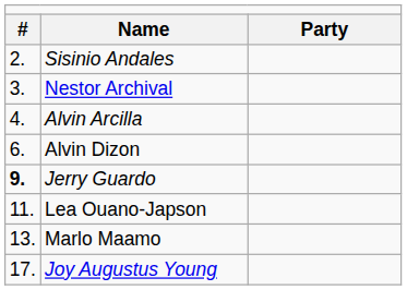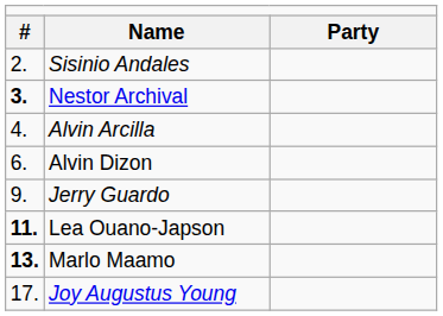 <table class=wikitable style="font-size:90%">
 <tr>
 <td colspan=4 bgcolor=></td>
 </tr>
 <tr>
 <th>#</th>
 <th width=150px>Name</th>
 <th colspan=2 width=110px>Party</th>
 </tr>
 <tr>
 <td>2.</td>
 <td><em>Sisinio Andales</em></td>
 <td></td>
 </tr>
 <tr>
-<td>3.</td>
+<td><strong>3.</strong></td>
 <td><a href='#'>Nestor Archival</a></td>
 <td></td>
 </tr>
 <tr>
 <td>4.</td>
 <td><em>Alvin Arcilla</em></td>
 <td></td>
 </tr>
 <tr>
 <td>6.</td>
 <td>Alvin Dizon</td>
 <td></td>
 </tr>
 <tr>
-<td><strong>9.</strong></td>
+<td>9.</td>
 <td><em>Jerry Guardo</em></td>
 <td></td>
 </tr>
 <tr>
-<td>11.</td>
+<td><strong>11.</strong></td>
 <td>Lea Ouano-Japson</td>
 <td></td>
 </tr>
 <tr>
-<td>13.</td>
+<td><strong>13.</strong></td>
 <td>Marlo Maamo</td>
 <td></td>
 </tr>
 <tr>
 <td>17.</td>
 <td><em><a href='#'>Joy Augustus Young</a></em></td>
 <td></td>
 </tr>
 </table>
